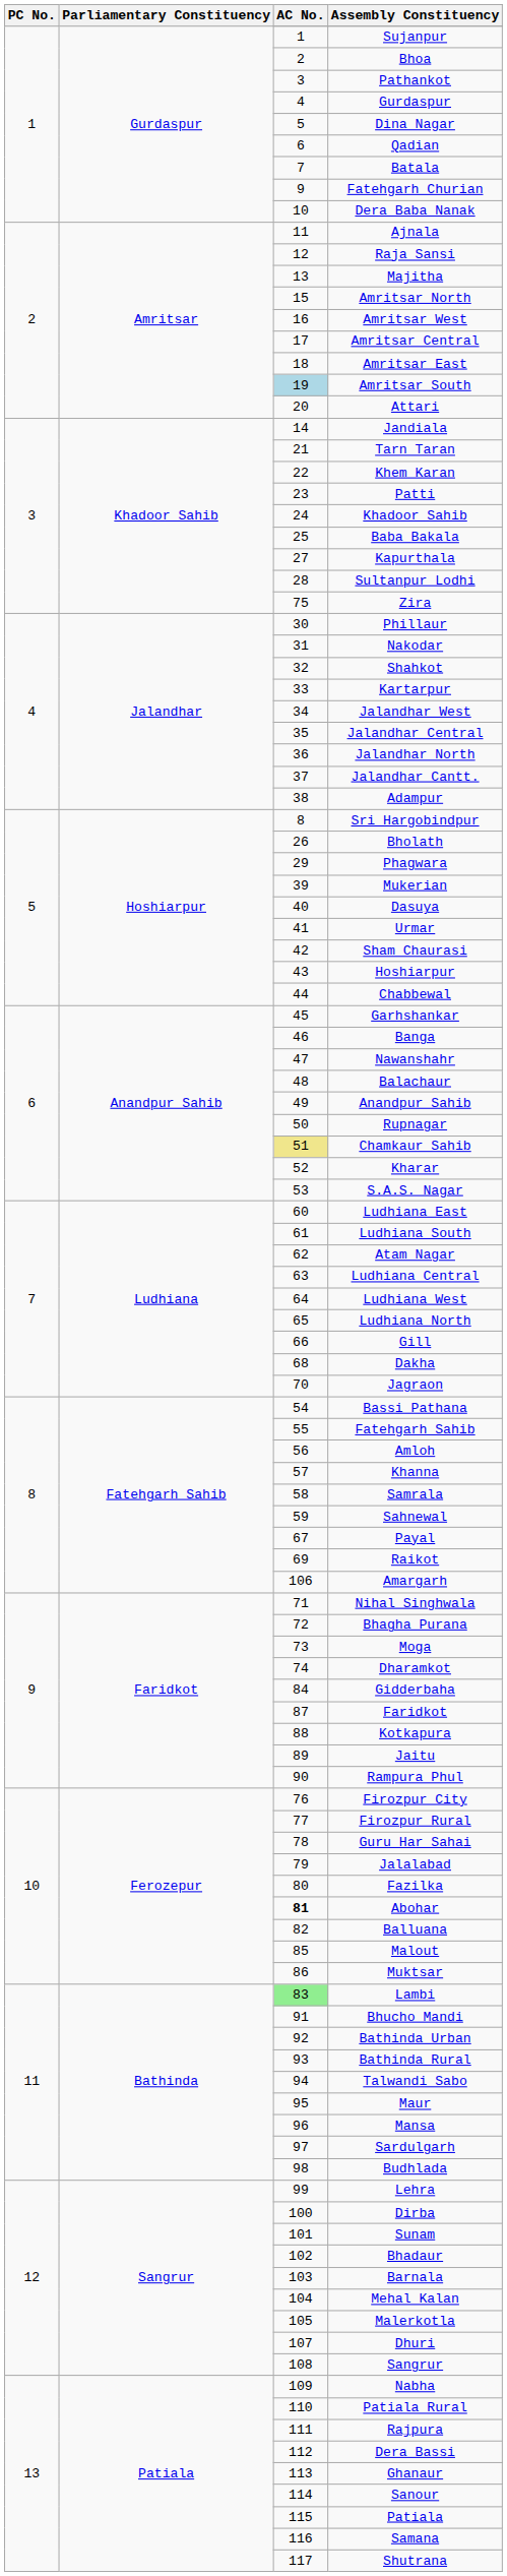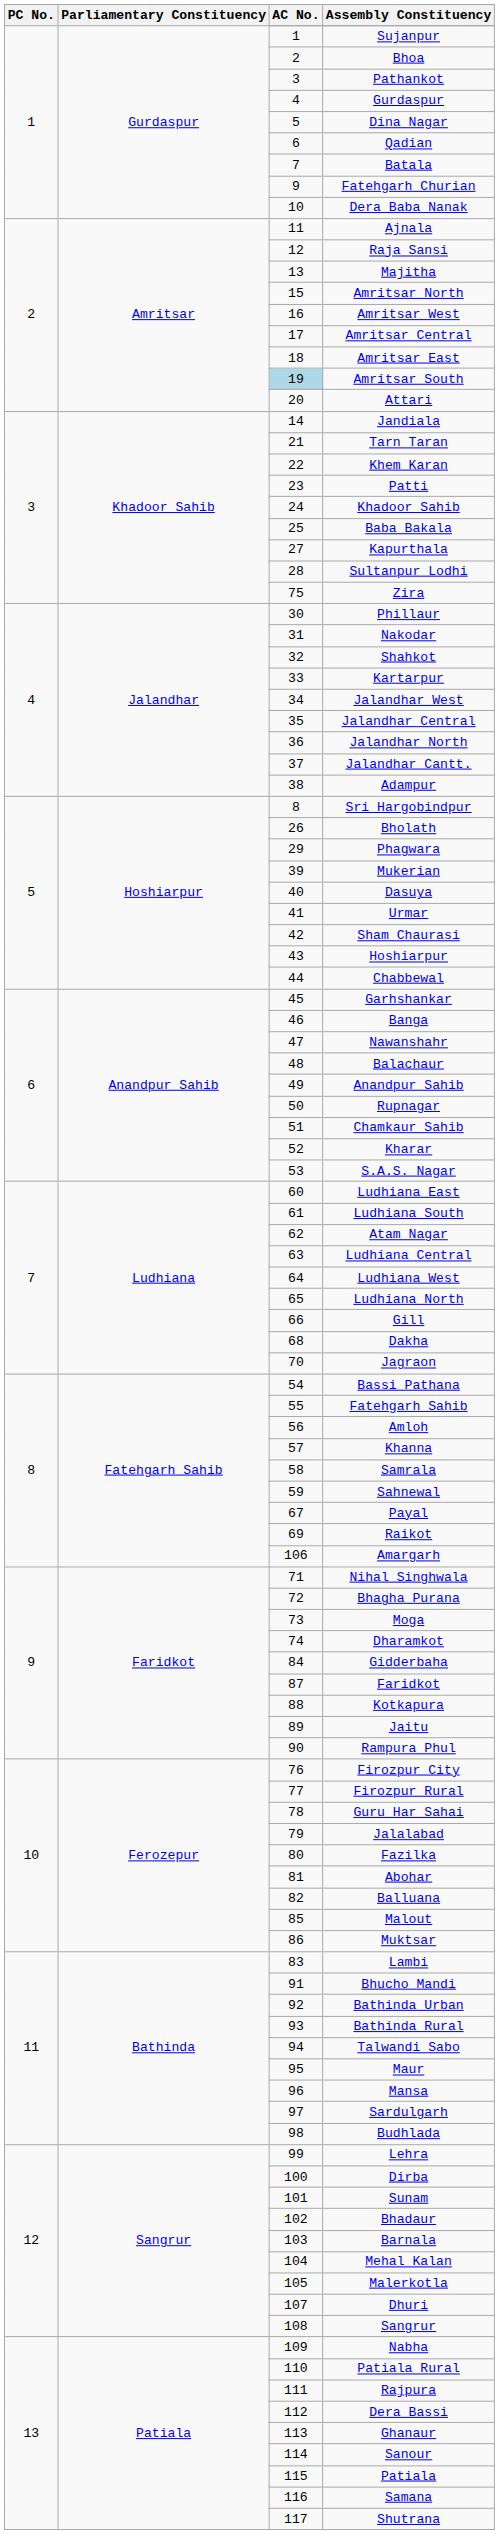 <table class="wikitable sortable" style="Text-align:center">
 <tr>
 <th>PC No.</th>
 <th>Parliamentary Constituency</th>
 <th>AC No.</th>
 <th>Assembly Constituency</th>
 </tr>
 <tr>
 <td rowspan=10>1</td>
 <td rowspan=10><a href='#'>Gurdaspur</a></td>
 </tr>
 <tr>
 <td>1</td>
 <td><a href='#'>Sujanpur</a></td>
 </tr>
 <tr>
 <td>2</td>
 <td><a href='#'>Bhoa</a></td>
 </tr>
 <tr>
 <td>3</td>
 <td><a href='#'>Pathankot</a></td>
 </tr>
 <tr>
 <td>4</td>
 <td><a href='#'>Gurdaspur</a></td>
 </tr>
 <tr>
 <td>5</td>
 <td><a href='#'>Dina Nagar</a></td>
 </tr>
 <tr>
 <td>6</td>
 <td><a href='#'>Qadian</a></td>
 </tr>
 <tr>
 <td>7</td>
 <td><a href='#'>Batala</a></td>
 </tr>
 <tr>
 <td>9</td>
 <td><a href='#'>Fatehgarh Churian</a></td>
 </tr>
 <tr>
 <td>10</td>
 <td><a href='#'>Dera Baba Nanak</a></td>
 </tr>
 <tr>
 <td rowspan=9>2</td>
 <td rowspan=9><a href='#'>Amritsar</a></td>
 <td>11</td>
 <td><a href='#'>Ajnala</a></td>
 </tr>
 <tr>
 <td>12</td>
 <td><a href='#'>Raja Sansi</a></td>
 </tr>
 <tr>
 <td>13</td>
 <td><a href='#'>Majitha</a></td>
 </tr>
 <tr>
 <td>15</td>
 <td><a href='#'>Amritsar North</a></td>
 </tr>
 <tr>
 <td>16</td>
 <td><a href='#'>Amritsar West</a></td>
 </tr>
 <tr>
 <td>17</td>
 <td><a href='#'>Amritsar Central</a></td>
 </tr>
 <tr>
 <td>18</td>
 <td><a href='#'>Amritsar East</a></td>
 </tr>
 <tr>
 <td style="background: lightblue;">19</td>
 <td><a href='#'>Amritsar South</a></td>
 </tr>
 <tr>
 <td>20</td>
 <td><a href='#'>Attari</a></td>
 </tr>
 <tr>
 <td rowspan=9>3</td>
 <td rowspan=9><a href='#'>Khadoor Sahib</a></td>
 <td>14</td>
 <td><a href='#'>Jandiala</a></td>
 </tr>
 <tr>
 <td>21</td>
 <td><a href='#'>Tarn Taran</a></td>
 </tr>
 <tr>
 <td>22</td>
 <td><a href='#'>Khem Karan</a></td>
 </tr>
 <tr>
 <td>23</td>
 <td><a href='#'>Patti</a></td>
 </tr>
 <tr>
 <td>24</td>
 <td><a href='#'>Khadoor Sahib</a></td>
 </tr>
 <tr>
 <td>25</td>
 <td><a href='#'>Baba Bakala</a></td>
 </tr>
 <tr>
 <td>27</td>
 <td><a href='#'>Kapurthala</a></td>
 </tr>
 <tr>
 <td>28</td>
 <td><a href='#'>Sultanpur Lodhi</a></td>
 </tr>
 <tr>
 <td>75</td>
 <td><a href='#'>Zira</a></td>
 </tr>
 <tr>
 <td rowspan=9>4</td>
 <td rowspan=9><a href='#'>Jalandhar</a></td>
 <td>30</td>
 <td><a href='#'>Phillaur</a></td>
 </tr>
 <tr>
 <td>31</td>
 <td><a href='#'>Nakodar</a></td>
 </tr>
 <tr>
 <td>32</td>
 <td><a href='#'>Shahkot</a></td>
 </tr>
 <tr>
 <td>33</td>
 <td><a href='#'>Kartarpur</a></td>
 </tr>
 <tr>
 <td>34</td>
 <td><a href='#'>Jalandhar West</a></td>
 </tr>
 <tr>
 <td>35</td>
 <td><a href='#'>Jalandhar Central</a></td>
 </tr>
 <tr>
 <td>36</td>
 <td><a href='#'>Jalandhar North</a></td>
 </tr>
 <tr>
 <td>37</td>
 <td><a href='#'>Jalandhar Cantt.</a></td>
 </tr>
 <tr>
 <td>38</td>
 <td><a href='#'>Adampur</a></td>
 </tr>
 <tr>
 <td rowspan=9>5</td>
 <td rowspan=9><a href='#'>Hoshiarpur</a></td>
 <td>8</td>
 <td><a href='#'>Sri Hargobindpur</a></td>
 </tr>
 <tr>
 <td>26</td>
 <td><a href='#'>Bholath</a></td>
 </tr>
 <tr>
 <td>29</td>
 <td><a href='#'>Phagwara</a></td>
 </tr>
 <tr>
 <td>39</td>
 <td><a href='#'>Mukerian</a></td>
 </tr>
 <tr>
 <td>40</td>
 <td><a href='#'>Dasuya</a></td>
 </tr>
 <tr>
 <td>41</td>
 <td><a href='#'>Urmar</a></td>
 </tr>
 <tr>
 <td>42</td>
 <td><a href='#'>Sham Chaurasi</a></td>
 </tr>
 <tr>
 <td>43</td>
 <td><a href='#'>Hoshiarpur</a></td>
 </tr>
 <tr>
 <td>44</td>
 <td><a href='#'>Chabbewal</a></td>
 </tr>
 <tr>
 <td rowspan=9>6</td>
 <td rowspan=9><a href='#'>Anandpur Sahib</a></td>
 <td>45</td>
 <td><a href='#'>Garhshankar</a></td>
 </tr>
 <tr>
 <td>46</td>
 <td><a href='#'>Banga</a></td>
 </tr>
 <tr>
 <td>47</td>
 <td><a href='#'>Nawanshahr</a></td>
 </tr>
 <tr>
 <td>48</td>
 <td><a href='#'>Balachaur</a></td>
 </tr>
 <tr>
 <td>49</td>
 <td><a href='#'>Anandpur Sahib</a></td>
 </tr>
 <tr>
 <td>50</td>
 <td><a href='#'>Rupnagar</a></td>
 </tr>
 <tr>
-<td style="background: khaki;">51</td>
+<td>51</td>
 <td><a href='#'>Chamkaur Sahib</a></td>
 </tr>
 <tr>
 <td>52</td>
 <td><a href='#'>Kharar</a></td>
 </tr>
 <tr>
 <td>53</td>
 <td><a href='#'>S.A.S. Nagar</a></td>
 </tr>
 <tr>
 <td rowspan=9>7</td>
 <td rowspan=9><a href='#'>Ludhiana</a></td>
 <td>60</td>
 <td><a href='#'>Ludhiana East</a></td>
 </tr>
 <tr>
 <td>61</td>
 <td><a href='#'>Ludhiana South</a></td>
 </tr>
 <tr>
 <td>62</td>
 <td><a href='#'>Atam Nagar</a></td>
 </tr>
 <tr>
 <td>63</td>
 <td><a href='#'>Ludhiana Central</a></td>
 </tr>
 <tr>
 <td>64</td>
 <td><a href='#'>Ludhiana West</a></td>
 </tr>
 <tr>
 <td>65</td>
 <td><a href='#'>Ludhiana North</a></td>
 </tr>
 <tr>
 <td>66</td>
 <td><a href='#'>Gill</a></td>
 </tr>
 <tr>
 <td>68</td>
 <td><a href='#'>Dakha</a></td>
 </tr>
 <tr>
 <td>70</td>
 <td><a href='#'>Jagraon</a></td>
 </tr>
 <tr>
 <td rowspan=9>8</td>
 <td rowspan=9><a href='#'>Fatehgarh Sahib</a></td>
 <td>54</td>
 <td><a href='#'>Bassi Pathana</a></td>
 </tr>
 <tr>
 <td>55</td>
 <td><a href='#'>Fatehgarh Sahib</a></td>
 </tr>
 <tr>
 <td>56</td>
 <td><a href='#'>Amloh</a></td>
 </tr>
 <tr>
 <td>57</td>
 <td><a href='#'>Khanna</a></td>
 </tr>
 <tr>
 <td>58</td>
 <td><a href='#'>Samrala</a></td>
 </tr>
 <tr>
 <td>59</td>
 <td><a href='#'>Sahnewal</a></td>
 </tr>
 <tr>
 <td>67</td>
 <td><a href='#'>Payal</a></td>
 </tr>
 <tr>
 <td>69</td>
 <td><a href='#'>Raikot</a></td>
 </tr>
 <tr>
 <td>106</td>
 <td><a href='#'>Amargarh</a></td>
 </tr>
 <tr>
 <td rowspan=9>9</td>
 <td rowspan=9><a href='#'>Faridkot</a></td>
 <td>71</td>
 <td><a href='#'>Nihal Singhwala</a></td>
 </tr>
 <tr>
 <td>72</td>
 <td><a href='#'>Bhagha Purana</a></td>
 </tr>
 <tr>
 <td>73</td>
 <td><a href='#'>Moga</a></td>
 </tr>
 <tr>
 <td>74</td>
 <td><a href='#'>Dharamkot</a></td>
 </tr>
 <tr>
 <td>84</td>
 <td><a href='#'>Gidderbaha</a></td>
 </tr>
 <tr>
 <td>87</td>
 <td><a href='#'>Faridkot</a></td>
 </tr>
 <tr>
 <td>88</td>
 <td><a href='#'>Kotkapura</a></td>
 </tr>
 <tr>
 <td>89</td>
 <td><a href='#'>Jaitu</a></td>
 </tr>
 <tr>
 <td>90</td>
 <td><a href='#'>Rampura Phul</a></td>
 </tr>
 <tr>
 <td rowspan=9>10</td>
 <td rowspan=9><a href='#'>Ferozepur</a></td>
 <td>76</td>
 <td><a href='#'>Firozpur City</a></td>
 </tr>
 <tr>
 <td>77</td>
 <td><a href='#'>Firozpur Rural</a></td>
 </tr>
 <tr>
 <td>78</td>
 <td><a href='#'>Guru Har Sahai</a></td>
 </tr>
 <tr>
 <td>79</td>
 <td><a href='#'>Jalalabad</a></td>
 </tr>
 <tr>
 <td>80</td>
 <td><a href='#'>Fazilka</a></td>
 </tr>
 <tr>
-<td><strong>81</strong></td>
+<td>81</td>
 <td><a href='#'>Abohar</a></td>
 </tr>
 <tr>
 <td>82</td>
 <td><a href='#'>Balluana</a></td>
 </tr>
 <tr>
 <td>85</td>
 <td><a href='#'>Malout</a></td>
 </tr>
 <tr>
 <td>86</td>
 <td><a href='#'>Muktsar</a></td>
 </tr>
 <tr>
 <td rowspan=9>11</td>
 <td rowspan=9><a href='#'>Bathinda</a></td>
-<td style="background: lightgreen;">83</td>
+<td>83</td>
 <td><a href='#'>Lambi</a></td>
 </tr>
 <tr>
 <td>91</td>
 <td><a href='#'>Bhucho Mandi</a></td>
 </tr>
 <tr>
 <td>92</td>
 <td><a href='#'>Bathinda Urban</a></td>
 </tr>
 <tr>
 <td>93</td>
 <td><a href='#'>Bathinda Rural</a></td>
 </tr>
 <tr>
 <td>94</td>
 <td><a href='#'>Talwandi Sabo</a></td>
 </tr>
 <tr>
 <td>95</td>
 <td><a href='#'>Maur</a></td>
 </tr>
 <tr>
 <td>96</td>
 <td><a href='#'>Mansa</a></td>
 </tr>
 <tr>
 <td>97</td>
 <td><a href='#'>Sardulgarh</a></td>
 </tr>
 <tr>
 <td>98</td>
 <td><a href='#'>Budhlada</a></td>
 </tr>
 <tr>
 <td rowspan=9>12</td>
 <td rowspan=9><a href='#'>Sangrur</a></td>
 <td>99</td>
 <td><a href='#'>Lehra</a></td>
 </tr>
 <tr>
 <td>100</td>
 <td><a href='#'>Dirba</a></td>
 </tr>
 <tr>
 <td>101</td>
 <td><a href='#'>Sunam</a></td>
 </tr>
 <tr>
 <td>102</td>
 <td><a href='#'>Bhadaur</a></td>
 </tr>
 <tr>
 <td>103</td>
 <td><a href='#'>Barnala</a></td>
 </tr>
 <tr>
 <td>104</td>
 <td><a href='#'>Mehal Kalan</a></td>
 </tr>
 <tr>
 <td>105</td>
 <td><a href='#'>Malerkotla</a></td>
 </tr>
 <tr>
 <td>107</td>
 <td><a href='#'>Dhuri</a></td>
 </tr>
 <tr>
 <td>108</td>
 <td><a href='#'>Sangrur</a></td>
 </tr>
 <tr>
 <td rowspan=9>13</td>
 <td rowspan=9><a href='#'>Patiala</a></td>
 <td>109</td>
 <td><a href='#'>Nabha</a></td>
 </tr>
 <tr>
 <td>110</td>
 <td><a href='#'>Patiala Rural</a></td>
 </tr>
 <tr>
 <td>111</td>
 <td><a href='#'>Rajpura</a></td>
 </tr>
 <tr>
 <td>112</td>
 <td><a href='#'>Dera Bassi</a></td>
 </tr>
 <tr>
 <td>113</td>
 <td><a href='#'>Ghanaur</a></td>
 </tr>
 <tr>
 <td>114</td>
 <td><a href='#'>Sanour</a></td>
 </tr>
 <tr>
 <td>115</td>
 <td><a href='#'>Patiala</a></td>
 </tr>
 <tr>
 <td>116</td>
 <td><a href='#'>Samana</a></td>
 </tr>
 <tr>
 <td>117</td>
 <td><a href='#'>Shutrana</a></td>
 </tr>
 </table>
